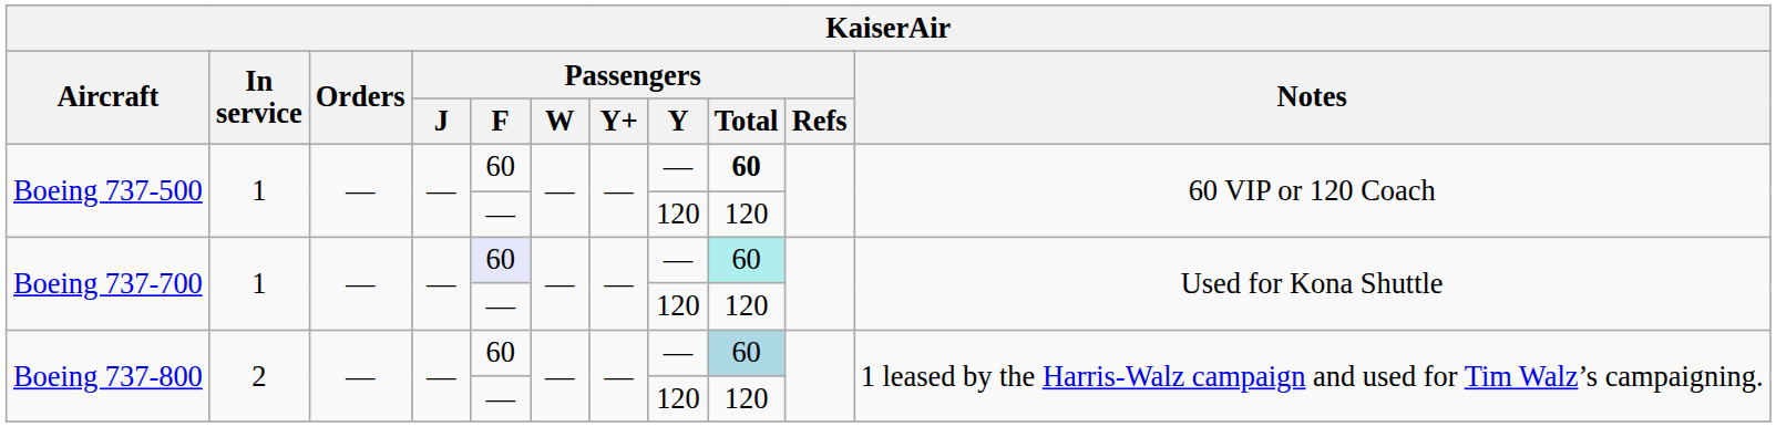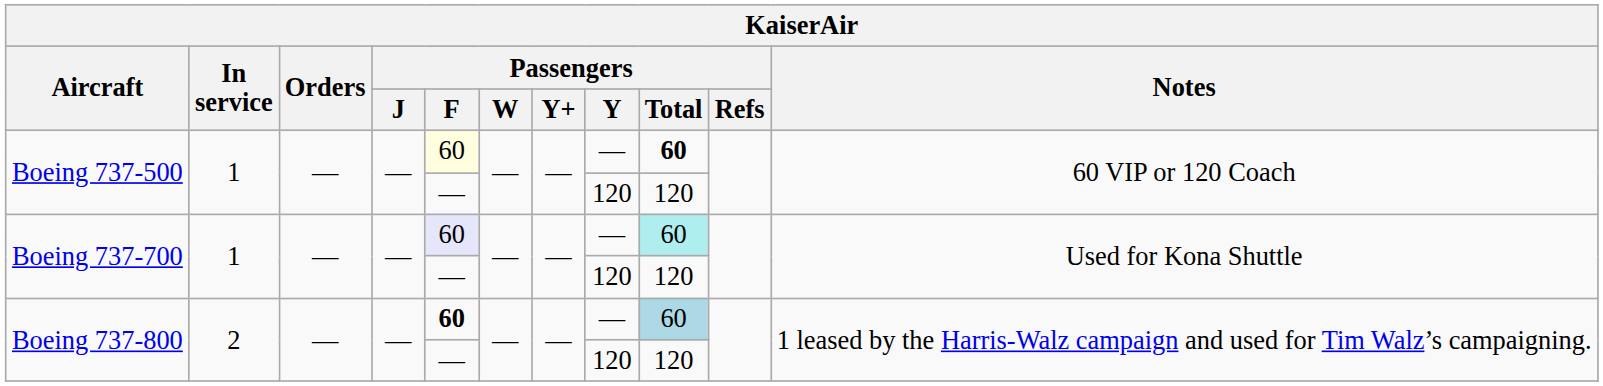 <table class="wikitable" style="margin:0.5em auto; text-align:center">
 <tr>
 <th colspan="11">KaiserAir</th>
 </tr>
 <tr>
 <th rowspan="2">Aircraft</th>
 <th rowspan="2">In<br>service</th>
 <th rowspan="2">Orders</th>
 <th colspan="7" class="unsortable">Passengers</th>
 <th rowspan="2">Notes</th>
 </tr>
 <tr>
 <th style="width:25px;"><abbr>J</abbr></th>
 <th style="width:25px;"><abbr>F</abbr></th>
 <th style="width:25px;"><abbr>W</abbr></th>
 <th style="width:25px;"><abbr>Y+</abbr></th>
 <th style="width:25px;"><abbr>Y</abbr></th>
 <th style="width:25px;">Total</th>
 <th style="width:25px;">Refs</th>
 </tr>
 <tr>
 <td rowspan="2"><a href='#'>Boeing 737-500</a></td>
 <td rowspan="2">1</td>
 <td rowspan="2">—</td>
 <td rowspan="2">—</td>
-<td>60</td>
+<td style="background: lightyellow;">60</td>
 <td rowspan="2">—</td>
 <td rowspan="2">—</td>
 <td>—</td>
 <td><strong>60</strong></td>
 <td rowspan="2"><br></td>
 <td rowspan="2">60 VIP or 120 Coach</td>
 </tr>
 <tr>
 <td>—</td>
 <td>120</td>
 <td>120</td>
 </tr>
 <tr>
 <td rowspan="2"><a href='#'>Boeing 737-700</a></td>
 <td rowspan="2">1</td>
 <td rowspan="2">—</td>
 <td rowspan="2">—</td>
 <td style="background: lavender;">60</td>
 <td rowspan="2">—</td>
 <td rowspan="2">—</td>
 <td>—</td>
 <td style="background: paleturquoise;">60</td>
 <td rowspan="2"></td>
 <td rowspan="2">Used for Kona Shuttle</td>
 </tr>
 <tr>
 <td>—</td>
 <td>120</td>
 <td>120</td>
 </tr>
 <tr>
 <td rowspan="2"><a href='#'>Boeing 737-800</a></td>
 <td rowspan="2">2</td>
 <td rowspan="2">—</td>
 <td rowspan="2">—</td>
-<td>60</td>
+<td><strong>60</strong></td>
 <td rowspan="2">—</td>
 <td rowspan="2">—</td>
 <td>—</td>
 <td style="background: lightblue;">60</td>
 <td rowspan="2"></td>
 <td rowspan="2">1 leased by the <a href='#'>Harris-Walz campaign</a> and used for <a href='#'>Tim Walz</a>’s campaigning. </td>
 </tr>
 <tr>
 <td>—</td>
 <td>120</td>
 <td>120</td>
 </tr>
 </table>
